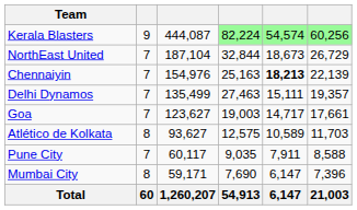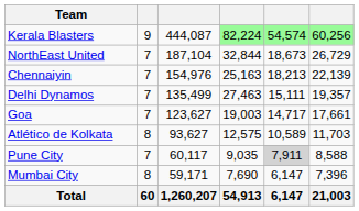 <table class="wikitable sortable">
 <tr>
 <th width=160>Team</th>
 <th></th>
 <th width=45></th>
 <th width=45></th>
 <th width=45></th>
 <th width=45></th>
 </tr>
 <tr>
 <td><a href='#'>Kerala Blasters</a></td>
 <td align=center>9</td>
 <td align=center>444,087</td>
 <td align=center bgcolor="#98FB98">82,224</td>
 <td align=center bgcolor="#98FB98">54,574</td>
 <td align=center bgcolor="#98FB98">60,256</td>
 </tr>
 <tr>
 <td><a href='#'>NorthEast United</a></td>
 <td align=center>7</td>
 <td align=center>187,104</td>
 <td align=center>32,844</td>
 <td align=center>18,673</td>
 <td align=center>26,729</td>
 </tr>
 <tr>
 <td><a href='#'>Chennaiyin</a></td>
 <td align=center>7</td>
 <td align=center>154,976</td>
 <td align=center>25,163</td>
-<td align=center><strong>18,213</strong></td>
+<td align=center>18,213</td>
 <td align=center>22,139</td>
 </tr>
 <tr>
 <td><a href='#'>Delhi Dynamos</a></td>
 <td align=center>7</td>
 <td align=center>135,499</td>
 <td align=center>27,463</td>
 <td align=center>15,111</td>
 <td align=center>19,357</td>
 </tr>
 <tr>
 <td><a href='#'>Goa</a></td>
 <td align=center>7</td>
 <td align=center>123,627</td>
 <td align=center>19,003</td>
 <td align=center>14,717</td>
 <td align=center>17,661</td>
 </tr>
 <tr>
 <td><a href='#'>Atlético de Kolkata</a></td>
 <td align=center>8</td>
 <td align=center>93,627</td>
 <td align=center>12,575</td>
 <td align=center>10,589</td>
 <td align=center>11,703</td>
 </tr>
 <tr>
 <td><a href='#'>Pune City</a></td>
 <td align=center>7</td>
 <td align=center>60,117</td>
 <td align=center>9,035</td>
-<td align=center>7,911</td>
+<td align=center style="background: lightgrey;">7,911</td>
 <td align=center>8,588</td>
 </tr>
 <tr>
 <td><a href='#'>Mumbai City</a></td>
 <td align=center>8</td>
 <td align=center>59,171</td>
 <td align=center>7,690</td>
 <td align=center>6,147</td>
 <td align=center>7,396</td>
 </tr>
 <tr>
 <th>Total</th>
 <th align=center>60</th>
 <th align=center>1,260,207</th>
 <th align=center>54,913</th>
 <th align=center>6,147</th>
 <th align=center>21,003</th>
 </tr>
 </table>
